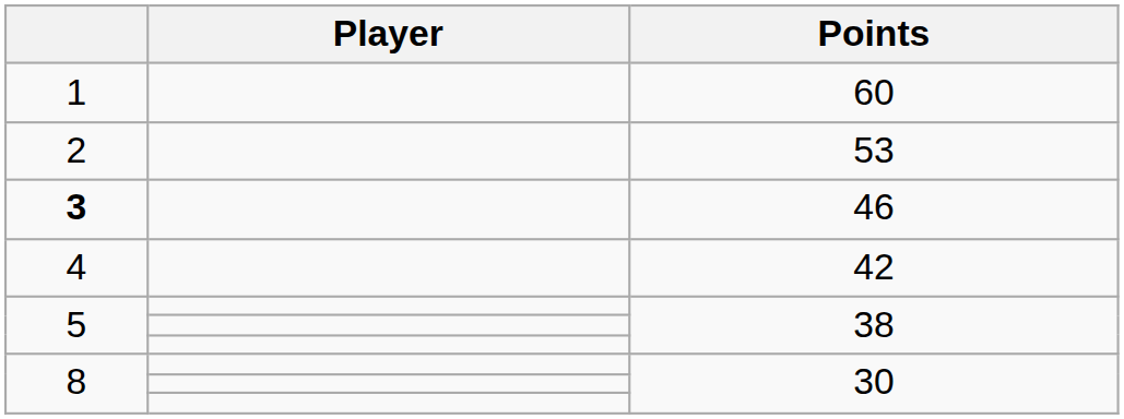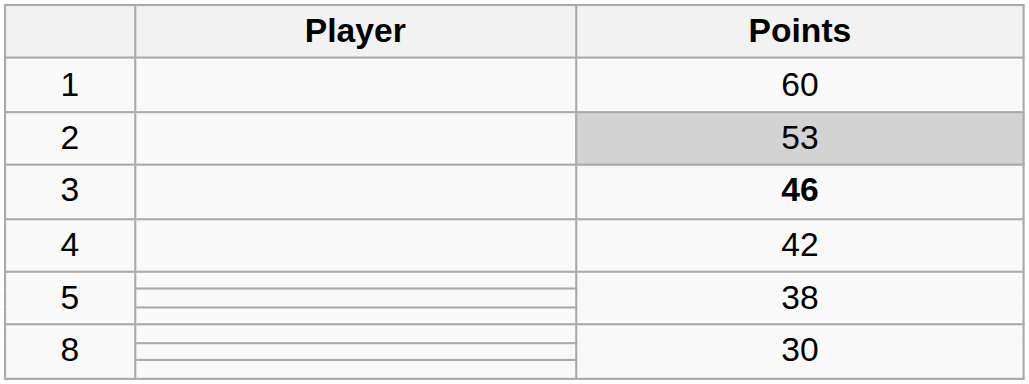 <table class="wikitable sortable plainrowheaders" style="width:55%;">
 <tr>
 <th></th>
 <th>Player</th>
 <th>Points</th>
 </tr>
 <tr>
 <td align=center>1</td>
 <td align=left> </td>
 <td align=center>60</td>
 </tr>
 <tr>
 <td align=center>2</td>
 <td align=left> </td>
-<td align=center>53</td>
+<td align=center style="background: lightgrey;">53</td>
 </tr>
 <tr>
-<td align=center><strong>3</strong></td>
+<td align=center>3</td>
 <td align=left> </td>
-<td align=center>46</td>
+<td align=center><strong>46</strong></td>
 </tr>
 <tr>
 <td align=center>4</td>
 <td align=left> </td>
 <td align=center>42</td>
 </tr>
 <tr>
 <td align=center rowspan="3">5</td>
 <td align=left> </td>
 <td align=center rowspan="3">38</td>
 </tr>
 <tr>
 <td align=left> </td>
 </tr>
 <tr>
 <td align=left> </td>
 </tr>
 <tr>
 <td align=center rowspan="3">8</td>
 <td align=left> </td>
 <td align=center rowspan="3">30</td>
 </tr>
 <tr>
 <td align=left> </td>
 </tr>
 <tr>
 <td align=left> </td>
 </tr>
 </table>
